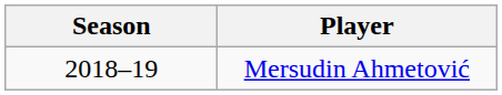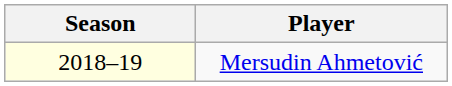 <table class="wikitable">
 <tr>
 <th style="width:120px;">Season</th>
 <th style="width:160px;">Player</th>
 </tr>
 <tr>
-<td style="text-align:center;">2018–19</td>
+<td style="background: lightyellow; text-align:center;">2018–19</td>
 <td style="text-align:center;"> <a href='#'>Mersudin Ahmetović</a></td>
 </tr>
 </table>
